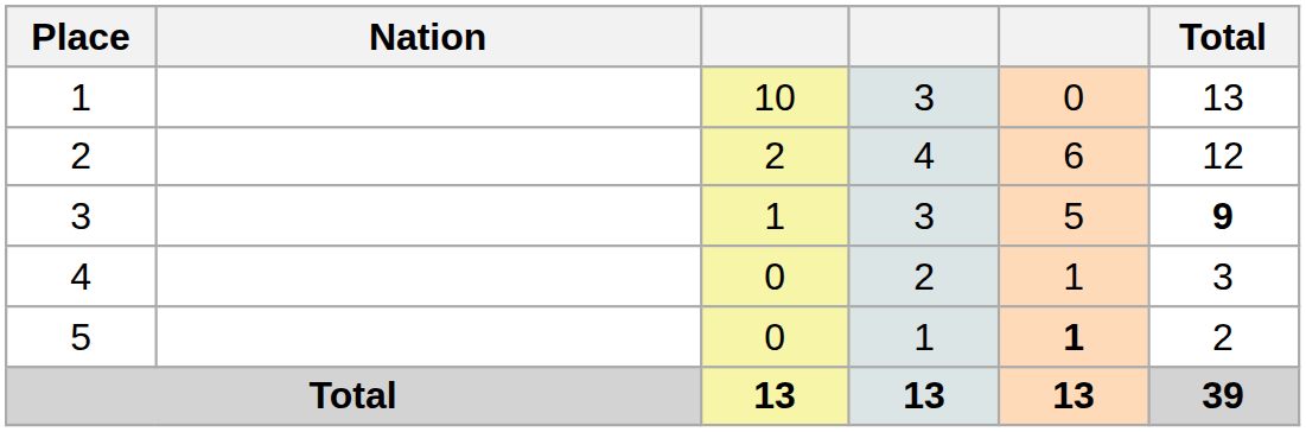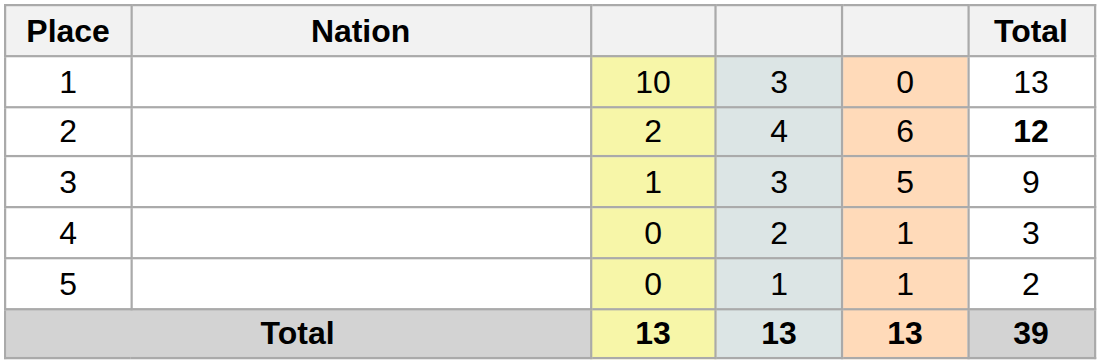 <table class=wikitable style="border:1px solid #AAAAAA;font-size:90%">
 <tr bgcolor="#EFEFEF">
 <th width=50>Place</th>
 <th width=200>Nation</th>
 <th width=50></th>
 <th width=50></th>
 <th width=50></th>
 <th width=50>Total</th>
 </tr>
 <tr align="center" valign="top" bgcolor="#FFFFFF">
 <td>1</td>
 <td align="left"></td>
 <td style="background:#F7F6A8;">10</td>
 <td style="background:#DCE5E5;">3</td>
 <td style="background:#FFDAB9;">0</td>
 <td>13</td>
 </tr>
 <tr align="center" valign="top" bgcolor="#FFFFFF">
 <td>2</td>
 <td align="left"></td>
 <td style="background:#F7F6A8;">2</td>
 <td style="background:#DCE5E5;">4</td>
 <td style="background:#FFDAB9;">6</td>
-<td>12</td>
+<td><strong>12</strong></td>
 </tr>
 <tr align="center" valign="top" bgcolor="#FFFFFF">
 <td>3</td>
 <td align="left"></td>
 <td style="background:#F7F6A8;">1</td>
 <td style="background:#DCE5E5;">3</td>
 <td style="background:#FFDAB9;">5</td>
-<td><strong>9</strong></td>
+<td>9</td>
 </tr>
 <tr align="center" valign="top" bgcolor="#FFFFFF">
 <td>4</td>
 <td align="left"></td>
 <td style="background:#F7F6A8;">0</td>
 <td style="background:#DCE5E5;">2</td>
 <td style="background:#FFDAB9;">1</td>
 <td>3</td>
 </tr>
 <tr align="center" valign="top" bgcolor="#FFFFFF">
 <td>5</td>
 <td align="left"></td>
 <td style="background:#F7F6A8;">0</td>
 <td style="background:#DCE5E5;">1</td>
-<td style="background:#FFDAB9;"><strong>1</strong></td>
+<td style="background:#FFDAB9;">1</td>
 <td>2</td>
 </tr>
 <tr align="center">
 <td colspan="2" bgcolor=D3D3D3><strong>Total</strong></td>
 <td style="background:#F7F6A8;"><strong>13</strong></td>
 <td style="background:#DCE5E5;"><strong>13</strong></td>
 <td style="background:#FFDAB9;"><strong>13</strong></td>
 <td bgcolor=D3D3D3><strong>39</strong></td>
 </tr>
 </table>
